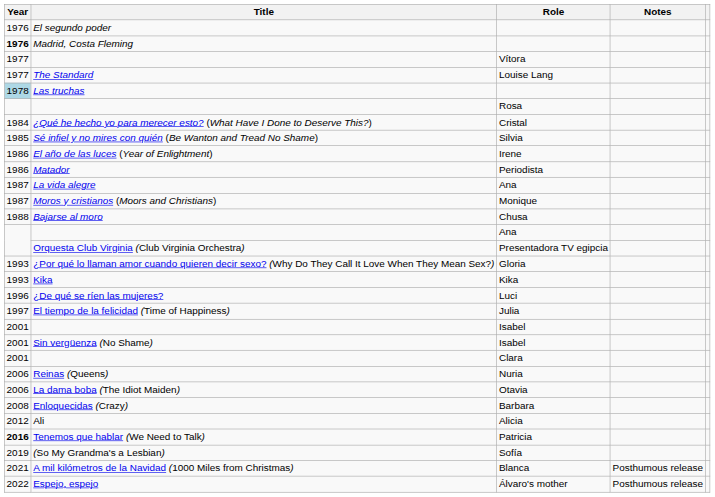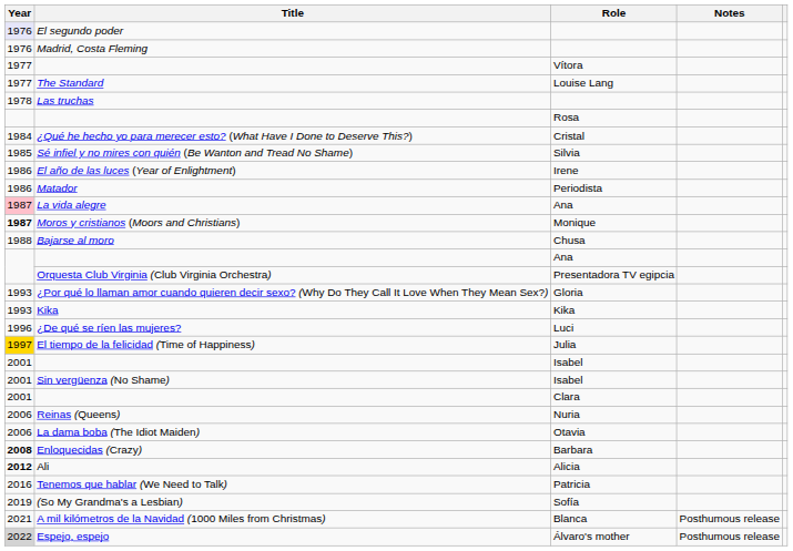 <table class="wikitable sortable">
 <tr>
 <th>Year</th>
 <th>Title</th>
 <th>Role</th>
 <th class="unsortable">Notes</th>
 <th></th>
 </tr>
 <tr>
-<td align = "center">1976</td>
+<td align = "center" style="background: lavender;">1976</td>
 <td><em>El segundo poder</em></td>
 <td></td>
 <td></td>
 <td align = "center"></td>
 </tr>
 <tr>
-<td align = "center"><strong>1976</strong></td>
+<td align = "center">1976</td>
 <td><em>Madrid, Costa Fleming</em></td>
 <td></td>
 <td></td>
 <td align = "center"></td>
 </tr>
 <tr>
 <td align = "center">1977</td>
 <td><em></em></td>
 <td>Vítora</td>
 <td></td>
 <td align = "center"></td>
 </tr>
 <tr>
 <td align = "center">1977</td>
 <td><em><a href='#'>The Standard</a></em></td>
 <td>Louise Lang</td>
 <td></td>
 <td align = "center"></td>
 </tr>
 <tr>
-<td align = "center" style="background: lightblue;">1978</td>
+<td align = "center">1978</td>
 <td><em><a href='#'>Las truchas</a></em></td>
 <td></td>
 <td></td>
 <td align = "center"></td>
 </tr>
 <tr>
 <td></td>
 <td><em></em></td>
 <td>Rosa</td>
 <td></td>
 <td></td>
 </tr>
 <tr>
 <td align = "center">1984</td>
 <td><em><a href='#'>¿Qué he hecho yo para merecer esto?</a></em> (<em>What Have I Done to Deserve This?</em>)</td>
 <td>Cristal</td>
 <td></td>
 <td align = "center"></td>
 </tr>
 <tr>
 <td align = "center">1985</td>
 <td><em><a href='#'>Sé infiel y no mires con quién</a></em> (<em>Be Wanton and Tread No Shame</em>)</td>
 <td>Silvia</td>
 <td></td>
 <td align = "center"></td>
 </tr>
 <tr>
 <td align = "center">1986</td>
 <td><em><a href='#'>El año de las luces</a></em> (<em>Year of Enlightment</em>)</td>
 <td>Irene</td>
 <td></td>
 <td align = "center"></td>
 </tr>
 <tr>
 <td align = "center">1986</td>
 <td><em><a href='#'>Matador</a></em></td>
 <td>Periodista</td>
 <td></td>
 <td align = "center"></td>
 </tr>
 <tr>
-<td align = "center">1987</td>
+<td align = "center" style="background: pink;">1987</td>
 <td><em><a href='#'>La vida alegre</a></em></td>
 <td>Ana</td>
 <td></td>
 <td align = "center"></td>
 </tr>
 <tr>
-<td align = "center">1987</td>
+<td align = "center"><strong>1987</strong></td>
 <td><em><a href='#'>Moros y cristianos</a></em> (<em>Moors and Christians</em>)</td>
 <td>Monique</td>
 <td></td>
 <td align = "center"></td>
 </tr>
 <tr>
 <td align = "center">1988</td>
 <td><em><a href='#'>Bajarse al moro</a></em></td>
 <td>Chusa</td>
 <td></td>
 <td align = "center"></td>
 </tr>
 <tr>
 <td rowspan = "2"></td>
 <td><em></td>
 <td>Ana</td>
 <td></td>
 <td align = "center"></td>
 </tr>
 <tr>
 <td></em><a href='#'>Orquesta Club Virginia</a><em> (</em>Club Virginia Orchestra<em>)</td>
 <td>Presentadora TV egipcia</td>
 <td></td>
 <td></td>
 </tr>
 <tr>
 <td align = "center">1993</td>
 <td></em><a href='#'>¿Por qué lo llaman amor cuando quieren decir sexo?</a><em> (</em>Why Do They Call It Love When They Mean Sex?<em>)</td>
 <td>Gloria</td>
 <td></td>
 <td align = "center"></td>
 </tr>
 <tr>
 <td align = "center">1993</td>
 <td></em><a href='#'>Kika</a><em></td>
 <td>Kika</td>
 <td></td>
 <td align = "center"></td>
 </tr>
 <tr>
 <td align = "center">1996</td>
 <td></em><a href='#'>¿De qué se ríen las mujeres?</a><em></td>
 <td>Luci</td>
 <td></td>
 <td align = "center"></td>
 </tr>
 <tr>
-<td align = "center">1997</td>
+<td align = "center" style="background: gold;">1997</td>
 <td></em><a href='#'>El tiempo de la felicidad</a><em> (</em>Time of Happiness<em>)</td>
 <td>Julia</td>
 <td></td>
 <td align = "center"></td>
 </tr>
 <tr>
 <td align = "center">2001</td>
 <td></em><em></td>
 <td>Isabel</td>
 <td></td>
 <td align = "center"></td>
 </tr>
 <tr>
 <td align = "center">2001</td>
 <td></em><a href='#'>Sin vergüenza</a><em> (</em>No Shame<em>)</td>
 <td>Isabel</td>
 <td></td>
 <td align = "center"></td>
 </tr>
 <tr>
 <td align = "center">2001</td>
 <td></em><em></td>
 <td>Clara</td>
 <td></td>
 <td align = "center"></td>
 </tr>
 <tr>
 <td align = "center">2006</td>
 <td><a href='#'></em>Reinas<em></a> (</em>Queens<em>)</td>
 <td>Nuria</td>
 <td></td>
 <td align = "center"></td>
 </tr>
 <tr>
 <td align = "center">2006</td>
 <td></em><a href='#'>La dama boba</a><em> (</em>The Idiot Maiden<em>)</td>
 <td>Otavia</td>
 <td></td>
 <td align = "center"></td>
 </tr>
 <tr>
-<td align = "center">2008</td>
+<td align = "center"><strong>2008</strong></td>
 <td></em><a href='#'>Enloquecidas</a><em> (</em>Crazy<em>)</td>
 <td>Barbara</td>
 <td></td>
 <td align = "center"></td>
 </tr>
 <tr>
-<td align = "center">2012</td>
+<td align = "center"><strong>2012</strong></td>
 <td></em>Ali<em></td>
 <td>Alicia</td>
 <td></td>
 <td align = "center"></td>
 </tr>
 <tr>
-<td align = "center"><strong>2016</strong></td>
+<td align = "center">2016</td>
 <td></em><a href='#'>Tenemos que hablar</a><em> (</em>We Need to Talk<em>)</td>
 <td>Patricia</td>
 <td></td>
 <td align = "center"></td>
 </tr>
 <tr>
 <td align = "center">2019</td>
 <td></em><em> (</em>So My Grandma's a Lesbian<em>)</td>
 <td>Sofía</td>
 <td></td>
 <td align = "center"></td>
 </tr>
 <tr>
 <td align = "center">2021</td>
 <td></em><a href='#'>A mil kilómetros de la Navidad</a><em> (</em>1000 Miles from Christmas<em>)</td>
 <td>Blanca</td>
 <td>Posthumous  release</td>
 <td align = "center"></td>
 </tr>
 <tr>
-<td align = "center">2022</td>
+<td align = "center" style="background: lightgrey;">2022</td>
 <td></em><a href='#'>Espejo, espejo</a><em></td>
 <td>Álvaro's mother</td>
 <td>Posthumous  release</td>
 <td align = "center"></td>
 </tr>
 </table>
